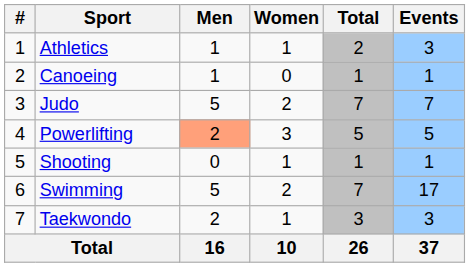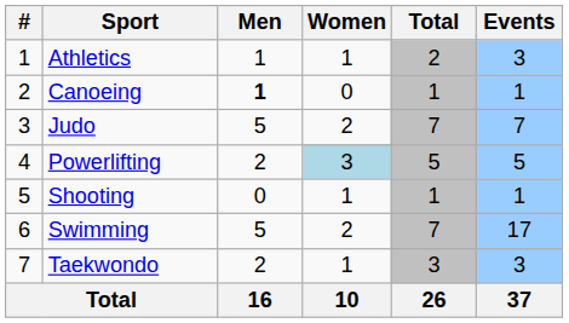 <table class="wikitable sortable" style="text-align:center;">
 <tr>
 <th width=20>#</th>
 <th width=120>Sport</th>
 <th width=55>Men</th>
 <th width=55>Women</th>
 <th width=55>Total</th>
 <th width=55>Events</th>
 </tr>
 <tr>
 <td align=center>1</td>
 <td align=left><a href='#'>Athletics</a></td>
 <td>1</td>
 <td>1</td>
 <td bgcolor=silver>2</td>
 <td bgcolor=#9acdff>3</td>
 </tr>
 <tr>
 <td align=center>2</td>
 <td align=left><a href='#'>Canoeing</a></td>
-<td>1</td>
+<td><strong>1</strong></td>
 <td>0</td>
 <td bgcolor=silver>1</td>
 <td bgcolor=#9acdff>1</td>
 </tr>
 <tr>
 <td align=center>3</td>
 <td align=left><a href='#'>Judo</a></td>
 <td>5</td>
 <td>2</td>
 <td bgcolor=silver>7</td>
 <td bgcolor=#9acdff>7</td>
 </tr>
 <tr>
 <td align=center>4</td>
 <td align=left><a href='#'>Powerlifting</a></td>
-<td style="background: lightsalmon;">2</td>
-<td>3</td>
+<td>2</td>
+<td style="background: lightblue;">3</td>
 <td bgcolor=silver>5</td>
 <td bgcolor=#9acdff>5</td>
 </tr>
 <tr>
 <td align=center>5</td>
 <td align=left><a href='#'>Shooting</a></td>
 <td>0</td>
 <td>1</td>
 <td bgcolor=silver>1</td>
 <td bgcolor=#9acdff>1</td>
 </tr>
 <tr>
 <td align=center>6</td>
 <td align=left><a href='#'>Swimming</a></td>
 <td>5</td>
 <td>2</td>
 <td bgcolor=silver>7</td>
 <td bgcolor=#9acdff>17</td>
 </tr>
 <tr>
 <td align=center>7</td>
 <td align=left><a href='#'>Taekwondo</a></td>
 <td>2</td>
 <td>1</td>
 <td bgcolor=silver>3</td>
 <td bgcolor=#9acdff>3</td>
 </tr>
 <tr class="sortbottom">
 <th colspan=2>Total</th>
 <th>16</th>
 <th>10</th>
 <th>26</th>
 <th>37</th>
 </tr>
 </table>
